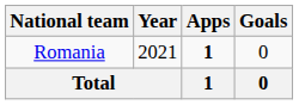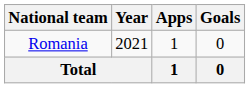 <table class="wikitable" style="text-align:center">
 <tr>
 <th>National team</th>
 <th>Year</th>
 <th>Apps</th>
 <th>Goals</th>
 </tr>
 <tr>
 <td><a href='#'>Romania</a></td>
 <td>2021</td>
-<td><strong>1</strong></td>
+<td>1</td>
 <td>0</td>
 </tr>
 <tr>
 <th colspan="2">Total</th>
 <th>1</th>
 <th>0</th>
 </tr>
 </table>
